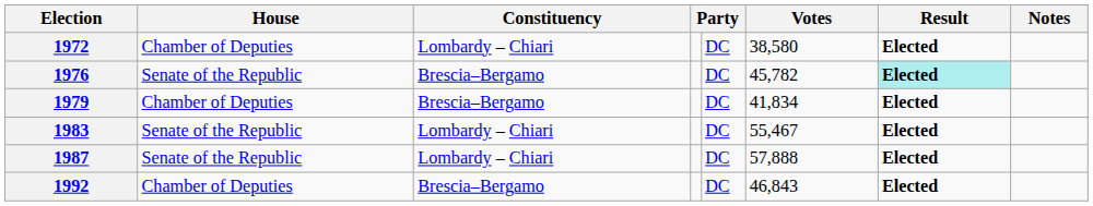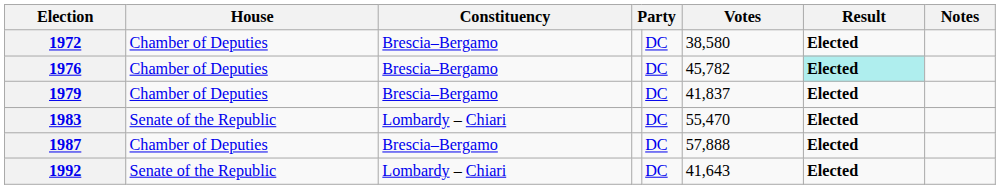 <table class=wikitable style="width:62%; border:1px #AAAAFF solid">
 <tr>
 <th width=12%>Election</th>
 <th width=25%>House</th>
 <th width=25%>Constituency</th>
 <th width=5% colspan="2">Party</th>
 <th width=12%>Votes</th>
 <th width=12%>Result</th>
 <th width=7%>Notes</th>
 </tr>
 <tr>
 <th><a href='#'>1972</a></th>
 <td><a href='#'>Chamber of Deputies</a></td>
-<td><a href='#'>Lombardy</a> – <a href='#'>Chiari</a></td>
+<td><a href='#'>Brescia–Bergamo</a></td>
 <td></td>
 <td><a href='#'>DC</a></td>
 <td>38,580</td>
 <td> <strong>Elected</strong></td>
 <td></td>
 </tr>
 <tr>
 <th><a href='#'>1976</a></th>
-<td><a href='#'>Senate of the Republic</a></td>
+<td><a href='#'>Chamber of Deputies</a></td>
 <td><a href='#'>Brescia–Bergamo</a></td>
 <td></td>
 <td><a href='#'>DC</a></td>
 <td>45,782</td>
 <td style="background: paleturquoise;"> <strong>Elected</strong></td>
 <td></td>
 </tr>
 <tr>
 <th><a href='#'>1979</a></th>
 <td><a href='#'>Chamber of Deputies</a></td>
 <td><a href='#'>Brescia–Bergamo</a></td>
 <td></td>
 <td><a href='#'>DC</a></td>
-<td>41,834</td>
+<td>41,837</td>
 <td> <strong>Elected</strong></td>
 <td></td>
 </tr>
 <tr>
 <th><a href='#'>1983</a></th>
 <td><a href='#'>Senate of the Republic</a></td>
 <td><a href='#'>Lombardy</a> – <a href='#'>Chiari</a></td>
 <td></td>
 <td><a href='#'>DC</a></td>
-<td>55,467</td>
+<td>55,470</td>
 <td> <strong>Elected</strong></td>
 <td></td>
 </tr>
 <tr>
 <th><a href='#'>1987</a></th>
-<td><a href='#'>Senate of the Republic</a></td>
-<td><a href='#'>Lombardy</a> – <a href='#'>Chiari</a></td>
+<td><a href='#'>Chamber of Deputies</a></td>
+<td><a href='#'>Brescia–Bergamo</a></td>
 <td></td>
 <td><a href='#'>DC</a></td>
 <td>57,888</td>
 <td> <strong>Elected</strong></td>
 <td></td>
 </tr>
 <tr>
 <th><a href='#'>1992</a></th>
-<td><a href='#'>Chamber of Deputies</a></td>
-<td><a href='#'>Brescia–Bergamo</a></td>
+<td><a href='#'>Senate of the Republic</a></td>
+<td><a href='#'>Lombardy</a> – <a href='#'>Chiari</a></td>
 <td></td>
 <td><a href='#'>DC</a></td>
-<td>46,843</td>
+<td>41,643</td>
 <td> <strong>Elected</strong></td>
 <td></td>
 </tr>
 </table>
